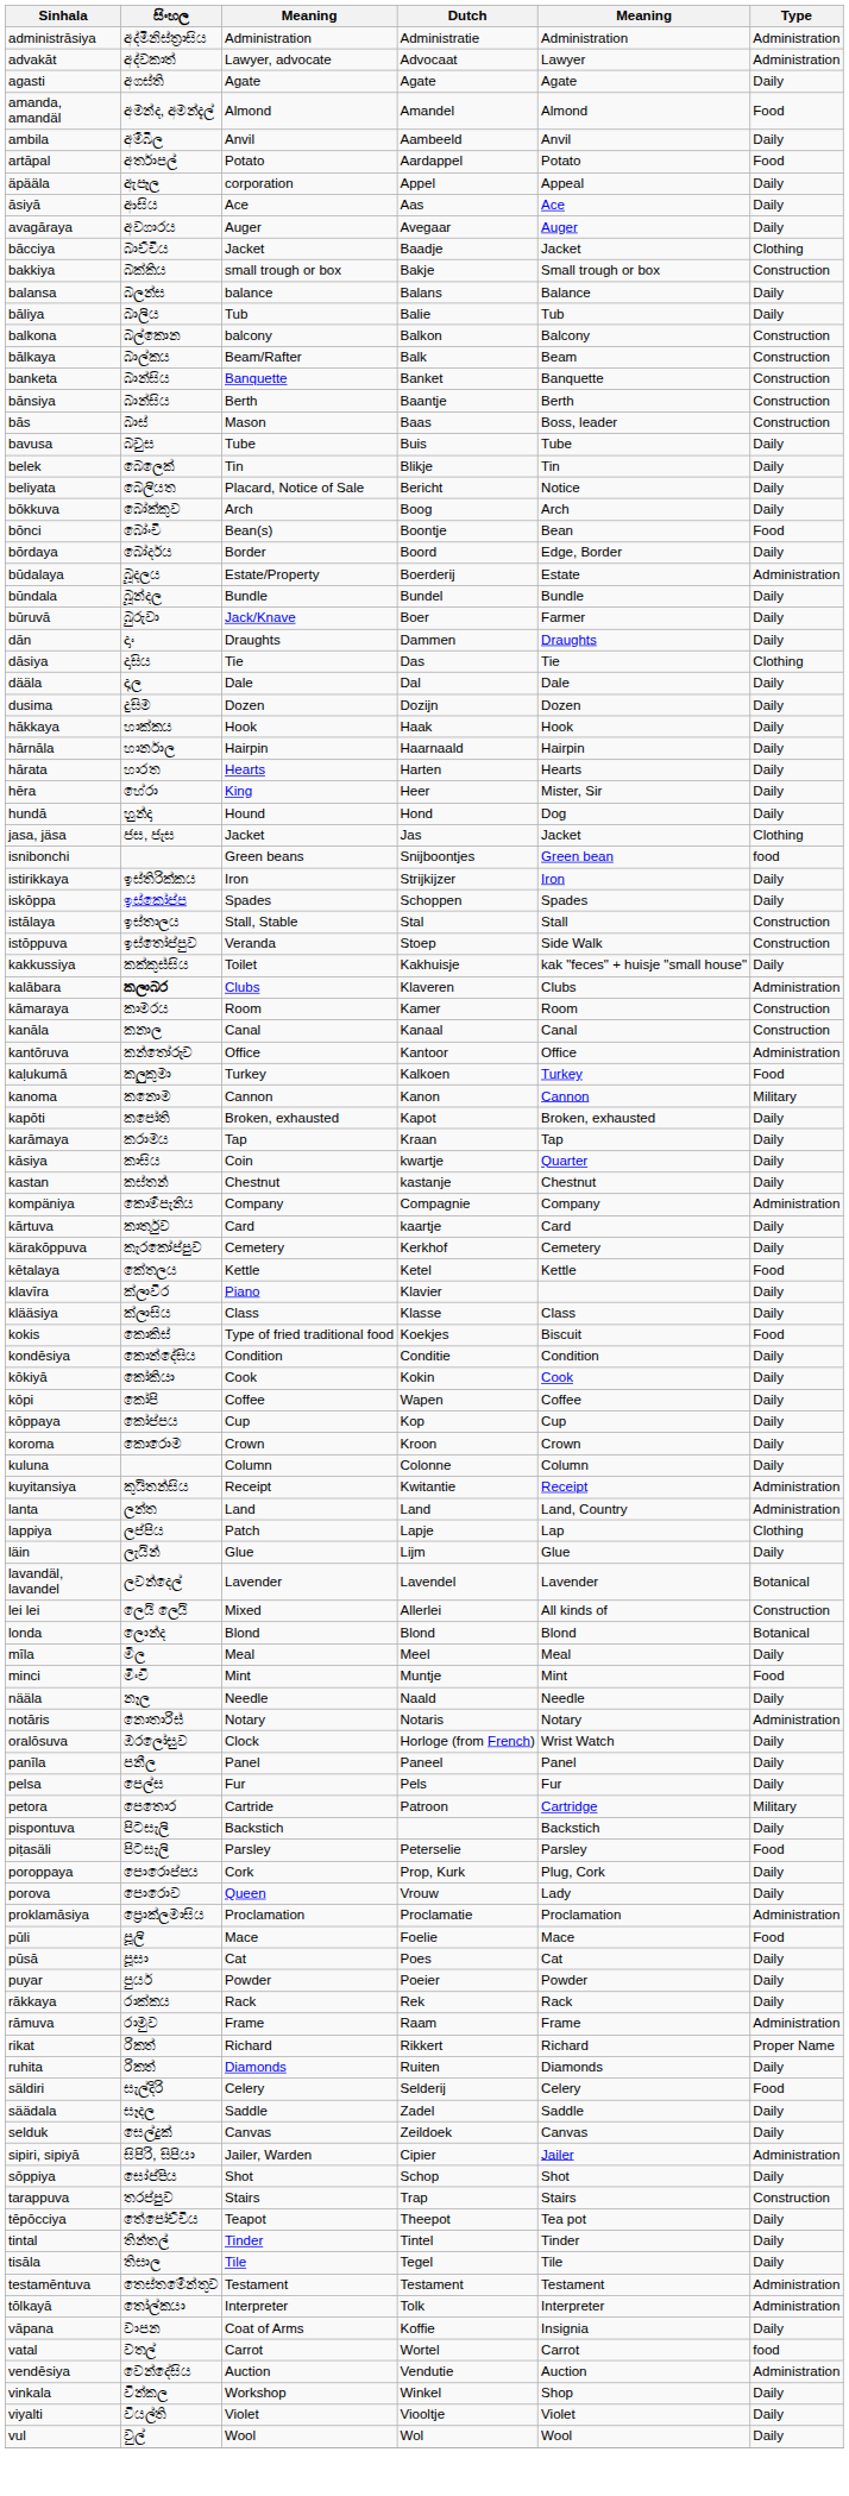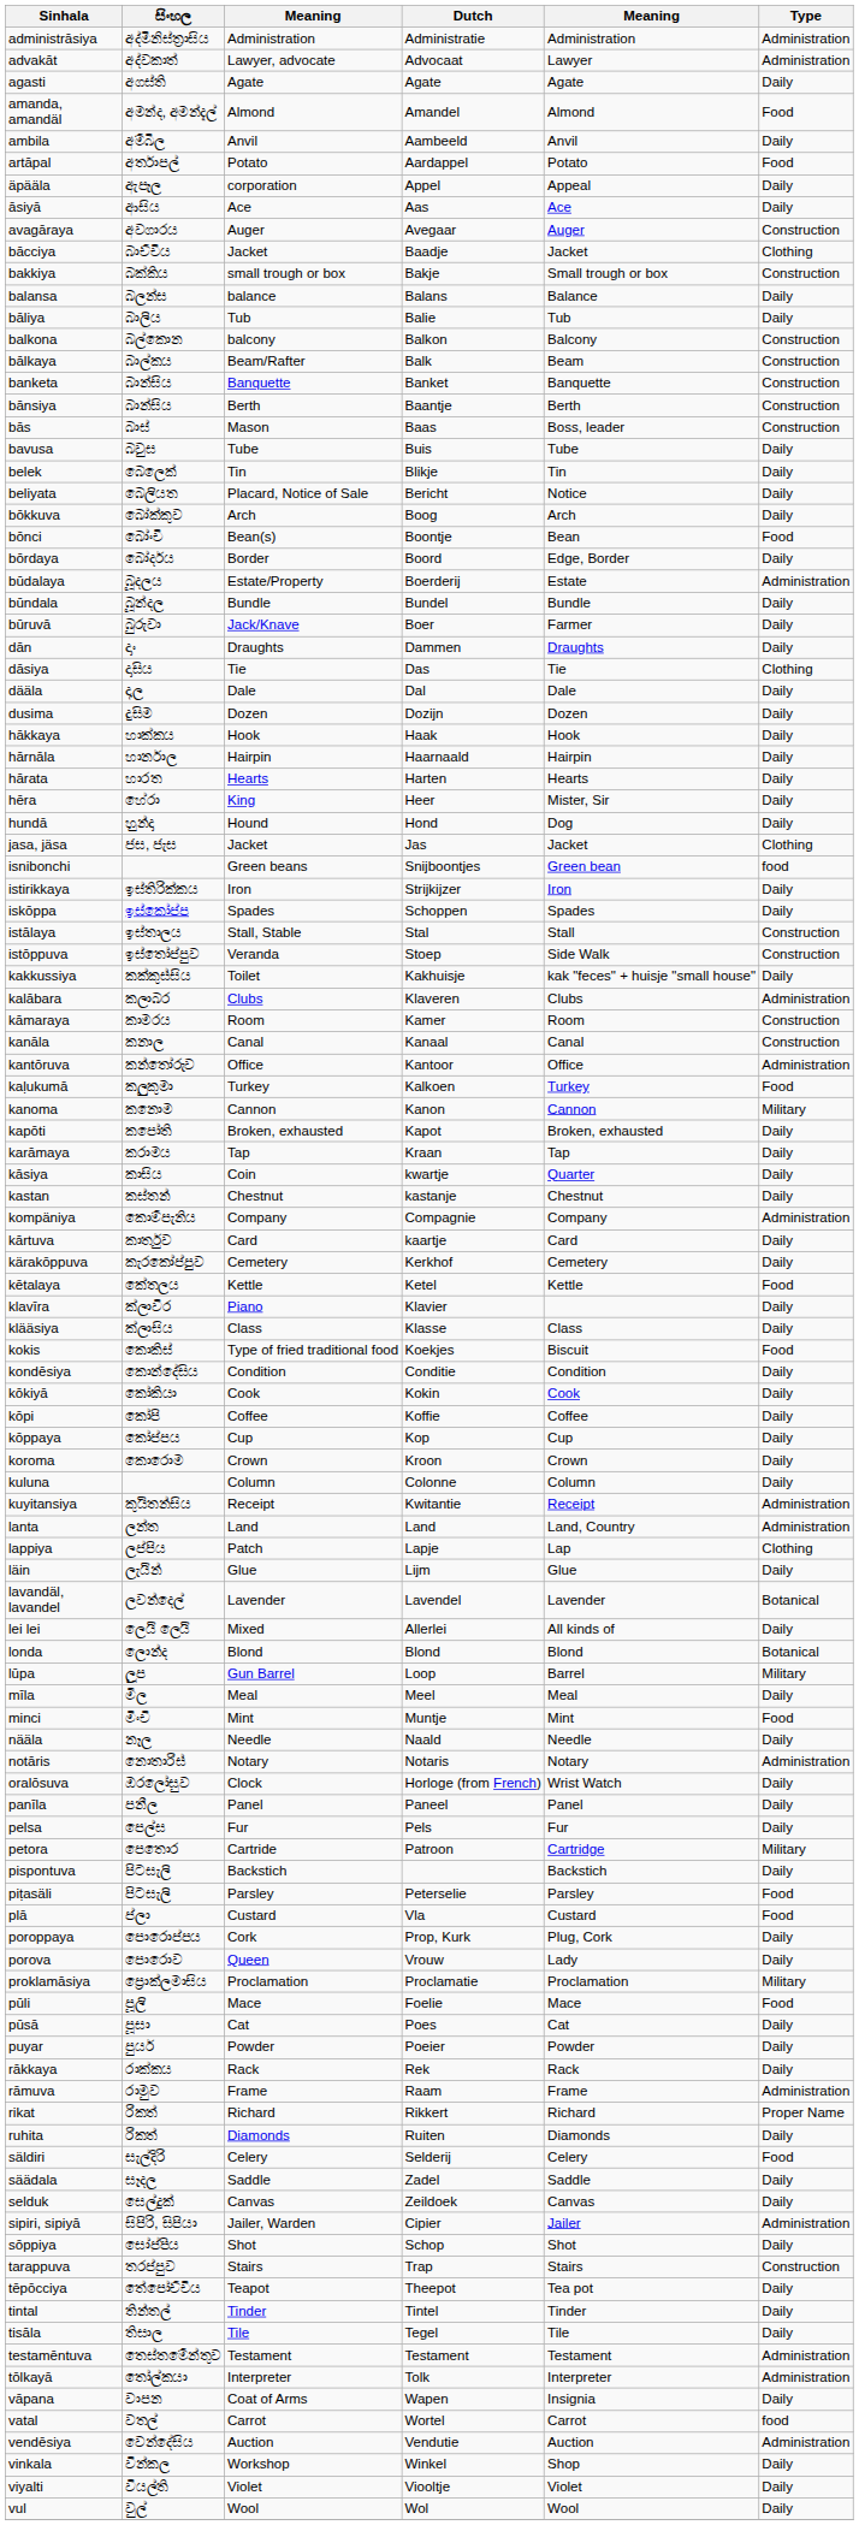 <table class="wikitable">
 <tr>
 <th>Sinhala</th>
 <th>සිංහල</th>
 <th>Meaning</th>
 <th>Dutch</th>
 <th>Meaning</th>
 <th>Type</th>
 </tr>
 <tr>
 <td style="width:08em">administrāsiya</td>
 <td>අද්මිනිස්ත්‍රාසිය</td>
 <td>Administration</td>
 <td>Administratie</td>
 <td>Administration</td>
 <td>Administration</td>
 </tr>
 <tr>
 <td>advakāt</td>
 <td>අද්වකාත්</td>
 <td>Lawyer, advocate</td>
 <td>Advocaat</td>
 <td>Lawyer</td>
 <td>Administration</td>
 </tr>
 <tr>
 <td>agasti</td>
 <td>අගස්ති</td>
 <td>Agate</td>
 <td>Agate</td>
 <td>Agate</td>
 <td>Daily</td>
 </tr>
 <tr>
 <td>amanda, amandäl</td>
 <td>අමන්ද, අමන්දැල්</td>
 <td>Almond</td>
 <td>Amandel</td>
 <td>Almond</td>
 <td>Food</td>
 </tr>
 <tr>
 <td>ambila</td>
 <td>අම්බිල</td>
 <td>Anvil</td>
 <td>Aambeeld</td>
 <td>Anvil</td>
 <td>Daily</td>
 </tr>
 <tr>
 <td>artāpal</td>
 <td>අර්තාපල්</td>
 <td>Potato</td>
 <td>Aardappel</td>
 <td>Potato</td>
 <td>Food</td>
 </tr>
 <tr>
 <td>äpääla</td>
 <td>ඇපෑල</td>
 <td>corporation</td>
 <td>Appel</td>
 <td>Appeal</td>
 <td>Daily</td>
 </tr>
 <tr>
 <td>āsiyā</td>
 <td>ආසිය</td>
 <td>Ace</td>
 <td>Aas</td>
 <td><a href='#'>Ace</a></td>
 <td>Daily</td>
 </tr>
 <tr>
 <td>avagāraya</td>
 <td>අවගාරය</td>
 <td>Auger</td>
 <td>Avegaar</td>
 <td><a href='#'>Auger</a></td>
-<td>Daily</td>
+<td>Construction</td>
 </tr>
 <tr>
 <td>bācciya</td>
 <td>බාච්චිය</td>
 <td>Jacket</td>
 <td>Baadje</td>
 <td>Jacket</td>
 <td>Clothing</td>
 </tr>
 <tr>
 <td>bakkiya</td>
 <td>බක්කිය</td>
 <td>small trough or box</td>
 <td>Bakje</td>
 <td>Small trough or box</td>
 <td>Construction</td>
 </tr>
 <tr>
 <td>balansa</td>
 <td>බලන්ස</td>
 <td>balance</td>
 <td>Balans</td>
 <td>Balance</td>
 <td>Daily</td>
 </tr>
 <tr>
 <td>bāliya</td>
 <td>බාලිය</td>
 <td>Tub</td>
 <td>Balie</td>
 <td>Tub</td>
 <td>Daily</td>
 </tr>
 <tr>
 <td>balkona</td>
 <td>බල්කොන</td>
 <td>balcony</td>
 <td>Balkon</td>
 <td>Balcony</td>
 <td>Construction</td>
 </tr>
 <tr>
 <td>bālkaya</td>
 <td>බාල්කය</td>
 <td>Beam/Rafter</td>
 <td>Balk</td>
 <td>Beam</td>
 <td>Construction</td>
 </tr>
 <tr>
 <td>banketa</td>
 <td>බාන්සිය</td>
 <td><a href='#'>Banquette</a></td>
 <td>Banket</td>
 <td>Banquette</td>
 <td>Construction</td>
 </tr>
 <tr>
 <td>bānsiya</td>
 <td>බාන්සිය</td>
 <td>Berth</td>
 <td>Baantje</td>
 <td>Berth</td>
 <td>Construction</td>
 </tr>
 <tr>
 <td>bās</td>
 <td>බාස්</td>
 <td>Mason</td>
 <td>Baas</td>
 <td>Boss, leader</td>
 <td>Construction</td>
 </tr>
 <tr>
 <td>bavusa</td>
 <td>බවුස</td>
 <td>Tube</td>
 <td>Buis</td>
 <td>Tube</td>
 <td>Daily</td>
 </tr>
 <tr>
 <td>belek</td>
 <td>බෙලෙක්</td>
 <td>Tin</td>
 <td>Blikje</td>
 <td>Tin</td>
 <td>Daily</td>
 </tr>
 <tr>
 <td>beliyata</td>
 <td>බෙලියත</td>
 <td>Placard, Notice of Sale</td>
 <td>Bericht</td>
 <td>Notice</td>
 <td>Daily</td>
 </tr>
 <tr>
 <td>bōkkuva</td>
 <td>බෝක්කුව</td>
 <td>Arch</td>
 <td>Boog</td>
 <td>Arch</td>
 <td>Daily</td>
 </tr>
 <tr>
 <td>bōnci</td>
 <td>බෝංචි</td>
 <td>Bean(s)</td>
 <td>Boontje</td>
 <td>Bean</td>
 <td>Food</td>
 </tr>
 <tr>
 <td>bōrdaya</td>
 <td>බෝර්දය</td>
 <td>Border</td>
 <td>Boord</td>
 <td>Edge, Border</td>
 <td>Daily</td>
 </tr>
 <tr>
 <td>būdalaya</td>
 <td>බූදලය</td>
 <td>Estate/Property</td>
 <td>Boerderij</td>
 <td>Estate</td>
 <td>Administration</td>
 </tr>
 <tr>
 <td>būndala</td>
 <td>බූන්දල</td>
 <td>Bundle</td>
 <td>Bundel</td>
 <td>Bundle</td>
 <td>Daily</td>
 </tr>
 <tr>
 <td>būruvā</td>
 <td>බුරුවා</td>
 <td><a href='#'>Jack/Knave</a></td>
 <td>Boer</td>
 <td>Farmer</td>
 <td>Daily</td>
 </tr>
 <tr>
 <td>dān</td>
 <td>දාං</td>
 <td>Draughts</td>
 <td>Dammen</td>
 <td><a href='#'>Draughts</a></td>
 <td>Daily</td>
 </tr>
 <tr>
 <td>dāsiya</td>
 <td>දාසිය</td>
 <td>Tie</td>
 <td>Das</td>
 <td>Tie</td>
 <td>Clothing</td>
 </tr>
 <tr>
 <td>dääla</td>
 <td>දෑල</td>
 <td>Dale</td>
 <td>Dal</td>
 <td>Dale</td>
 <td>Daily</td>
 </tr>
 <tr>
 <td>dusima</td>
 <td>දුසිම</td>
 <td>Dozen</td>
 <td>Dozijn</td>
 <td>Dozen</td>
 <td>Daily</td>
 </tr>
 <tr>
 <td>hākkaya</td>
 <td>හාක්කය</td>
 <td>Hook</td>
 <td>Haak</td>
 <td>Hook</td>
 <td>Daily</td>
 </tr>
 <tr>
 <td>hārnāla</td>
 <td>හාර්නාල</td>
 <td>Hairpin</td>
 <td>Haarnaald</td>
 <td>Hairpin</td>
 <td>Daily</td>
 </tr>
 <tr>
 <td>hārata</td>
 <td>හාරත</td>
 <td><a href='#'>Hearts</a></td>
 <td>Harten</td>
 <td>Hearts</td>
 <td>Daily</td>
 </tr>
 <tr>
 <td>hēra</td>
 <td>හේරා</td>
 <td><a href='#'>King</a></td>
 <td>Heer</td>
 <td>Mister, Sir</td>
 <td>Daily</td>
 </tr>
 <tr>
 <td>hundā</td>
 <td>හුන්දා</td>
 <td>Hound</td>
 <td>Hond</td>
 <td>Dog</td>
 <td>Daily</td>
 </tr>
 <tr>
 <td>jasa, jäsa</td>
 <td>ජස, ජැස</td>
 <td>Jacket</td>
 <td>Jas</td>
 <td>Jacket</td>
 <td>Clothing</td>
 </tr>
 <tr>
 <td>isnibonchi</td>
 <td></td>
 <td>Green beans</td>
 <td>Snijboontjes</td>
 <td><a href='#'>Green bean</a></td>
 <td>food</td>
 </tr>
 <tr>
 <td>istirikkaya</td>
 <td>ඉස්තිරික්කය</td>
 <td>Iron</td>
 <td>Strijkijzer</td>
 <td><a href='#'>Iron</a></td>
 <td>Daily</td>
 </tr>
 <tr>
 <td>iskōppa</td>
 <td><a href='#'>ඉස්කෝප්ප</a></td>
 <td>Spades</td>
 <td>Schoppen</td>
 <td>Spades</td>
 <td>Daily</td>
 </tr>
 <tr>
 <td>istālaya</td>
 <td>ඉස්තාලය</td>
 <td>Stall, Stable</td>
 <td>Stal</td>
 <td>Stall</td>
 <td>Construction</td>
 </tr>
 <tr>
 <td>istōppuva</td>
 <td>ඉස්තෝප්පුව</td>
 <td>Veranda</td>
 <td>Stoep</td>
 <td>Side Walk</td>
 <td>Construction</td>
 </tr>
 <tr>
 <td>kakkussiya</td>
 <td>කක්කුස්සිය</td>
 <td>Toilet</td>
 <td>Kakhuisje</td>
 <td>kak "feces" + huisje "small house"</td>
 <td>Daily</td>
 </tr>
 <tr>
 <td>kalābara</td>
-<td><strong>කලාබර</strong></td>
+<td>කලාබර</td>
 <td><a href='#'>Clubs</a></td>
 <td>Klaveren</td>
 <td>Clubs</td>
 <td>Administration</td>
 </tr>
 <tr>
 <td>kāmaraya</td>
 <td>කාමරය</td>
 <td>Room</td>
 <td>Kamer</td>
 <td>Room</td>
 <td>Construction</td>
 </tr>
 <tr>
 <td>kanāla</td>
 <td>කනාල</td>
 <td>Canal</td>
 <td>Kanaal</td>
 <td>Canal</td>
 <td>Construction</td>
 </tr>
 <tr>
 <td>kantōruva</td>
 <td>කන්තෝරුව</td>
 <td>Office</td>
 <td>Kantoor</td>
 <td>Office</td>
 <td>Administration</td>
 </tr>
 <tr>
 <td>kaḷukumā</td>
 <td>කලුකුමා</td>
 <td>Turkey</td>
 <td>Kalkoen</td>
 <td><a href='#'>Turkey</a></td>
 <td>Food</td>
 </tr>
 <tr>
 <td>kanoma</td>
 <td>කනොම</td>
 <td>Cannon</td>
 <td>Kanon</td>
 <td><a href='#'>Cannon</a></td>
 <td>Military</td>
 </tr>
 <tr>
 <td>kapōti</td>
 <td>කපෝති</td>
 <td>Broken, exhausted</td>
 <td>Kapot</td>
 <td>Broken, exhausted</td>
 <td>Daily</td>
 </tr>
 <tr>
 <td>karāmaya</td>
 <td>කරාමය</td>
 <td>Tap</td>
 <td>Kraan</td>
 <td>Tap</td>
 <td>Daily</td>
 </tr>
 <tr>
 <td>kāsiya</td>
 <td>කාසිය</td>
 <td>Coin</td>
 <td>kwartje</td>
 <td><a href='#'>Quarter</a></td>
 <td>Daily</td>
 </tr>
 <tr>
 <td>kastan</td>
 <td>කස්තන්</td>
 <td>Chestnut</td>
 <td>kastanje</td>
 <td>Chestnut</td>
 <td>Daily</td>
 </tr>
 <tr>
 <td>kompäniya</td>
 <td>කොම්පැනිය</td>
 <td>Company</td>
 <td>Compagnie</td>
 <td>Company</td>
 <td>Administration</td>
 </tr>
 <tr>
 <td>kārtuva</td>
 <td>කාර්තුව</td>
 <td>Card</td>
 <td>kaartje</td>
 <td>Card</td>
 <td>Daily</td>
 </tr>
 <tr>
 <td>kärakōppuva</td>
 <td>කැරකෝප්පුව</td>
 <td>Cemetery</td>
 <td>Kerkhof</td>
 <td>Cemetery</td>
 <td>Daily</td>
 </tr>
 <tr>
 <td>kētalaya</td>
 <td>කේතලය</td>
 <td>Kettle</td>
 <td>Ketel</td>
 <td>Kettle</td>
 <td>Food</td>
 </tr>
 <tr>
 <td>klavīra</td>
 <td>ක්ලාවිර</td>
 <td><a href='#'>Piano</a></td>
 <td>Klavier</td>
 <td></td>
 <td>Daily</td>
 </tr>
 <tr>
 <td>klääsiya</td>
 <td>ක්ලාසිය</td>
 <td>Class</td>
 <td>Klasse</td>
 <td>Class</td>
 <td>Daily</td>
 </tr>
 <tr>
 <td>kokis</td>
 <td>කොකිස්</td>
 <td>Type of fried traditional food</td>
 <td>Koekjes</td>
 <td>Biscuit</td>
 <td>Food</td>
 </tr>
 <tr>
 <td>kondēsiya</td>
 <td>කොන්දේසිය</td>
 <td>Condition</td>
 <td>Conditie</td>
 <td>Condition</td>
 <td>Daily</td>
 </tr>
 <tr>
 <td>kōkiyā</td>
 <td>කෝකියා</td>
 <td>Cook</td>
 <td>Kokin</td>
 <td><a href='#'>Cook</a></td>
 <td>Daily</td>
 </tr>
 <tr>
 <td>kōpi</td>
 <td>කෝපි</td>
 <td>Coffee</td>
-<td>Wapen</td>
+<td>Koffie</td>
 <td>Coffee</td>
 <td>Daily</td>
 </tr>
 <tr>
 <td>kōppaya</td>
 <td>කෝප්පය</td>
 <td>Cup</td>
 <td>Kop</td>
 <td>Cup</td>
 <td>Daily</td>
 </tr>
 <tr>
 <td>koroma</td>
 <td>කොරොම</td>
 <td>Crown</td>
 <td>Kroon</td>
 <td>Crown</td>
 <td>Daily</td>
 </tr>
 <tr>
 <td>kuluna</td>
 <td></td>
 <td>Column</td>
 <td>Colonne</td>
 <td>Column</td>
 <td>Daily</td>
 </tr>
 <tr>
 <td>kuyitansiya</td>
 <td>කුයිතන්සිය</td>
 <td>Receipt</td>
 <td>Kwitantie</td>
 <td><a href='#'>Receipt</a></td>
 <td>Administration</td>
 </tr>
 <tr>
 <td>lanta</td>
 <td>ලන්ත</td>
 <td>Land</td>
 <td>Land</td>
 <td>Land, Country</td>
 <td>Administration</td>
 </tr>
 <tr>
 <td>lappiya</td>
 <td>ලප්පිය</td>
 <td>Patch</td>
 <td>Lapje</td>
 <td>Lap</td>
 <td>Clothing</td>
 </tr>
 <tr>
 <td>läin</td>
 <td>ලැයින්</td>
 <td>Glue</td>
 <td>Lijm</td>
 <td>Glue</td>
 <td>Daily</td>
 </tr>
 <tr>
 <td>lavandäl, lavandel</td>
 <td>ලවන්දෙල්</td>
 <td>Lavender</td>
 <td>Lavendel</td>
 <td>Lavender</td>
 <td>Botanical</td>
 </tr>
 <tr>
 <td>lei lei</td>
 <td>ලෙයි ලෙයි</td>
 <td>Mixed</td>
 <td>Allerlei</td>
 <td>All kinds of</td>
-<td>Construction</td>
+<td>Daily</td>
 </tr>
 <tr>
 <td>londa</td>
 <td>ලොන්ද</td>
 <td>Blond</td>
 <td>Blond</td>
 <td>Blond</td>
 <td>Botanical</td>
+</tr>
+<tr>
+<td>lūpa</td>
+<td>ලූප</td>
+<td><a href='#'>Gun Barrel</a></td>
+<td>Loop</td>
+<td>Barrel</td>
+<td>Military</td>
 </tr>
 <tr>
 <td>mīla</td>
 <td>මීල</td>
 <td>Meal</td>
 <td>Meel</td>
 <td>Meal</td>
 <td>Daily</td>
 </tr>
 <tr>
 <td>minci</td>
 <td>මිංචි</td>
 <td>Mint</td>
 <td>Muntje</td>
 <td>Mint</td>
 <td>Food</td>
 </tr>
 <tr>
 <td>nääla</td>
 <td>නෑල</td>
 <td>Needle</td>
 <td>Naald</td>
 <td>Needle</td>
 <td>Daily</td>
 </tr>
 <tr>
 <td>notāris</td>
 <td>නොතාරිස්</td>
 <td>Notary</td>
 <td>Notaris</td>
 <td>Notary</td>
 <td>Administration</td>
 </tr>
 <tr>
 <td>oralōsuva</td>
 <td>ඔරලෝසුව</td>
 <td>Clock</td>
 <td>Horloge (from <a href='#'>French</a>)</td>
 <td>Wrist Watch</td>
 <td>Daily</td>
 </tr>
 <tr>
 <td>panīla</td>
 <td>පනීල</td>
 <td>Panel</td>
 <td>Paneel</td>
 <td>Panel</td>
 <td>Daily</td>
 </tr>
 <tr>
 <td>pelsa</td>
 <td>පෙල්ස</td>
 <td>Fur</td>
 <td>Pels</td>
 <td>Fur</td>
 <td>Daily</td>
 </tr>
 <tr>
 <td>petora</td>
 <td>පෙතොර</td>
 <td>Cartride</td>
 <td>Patroon</td>
 <td><a href='#'>Cartridge</a></td>
 <td>Military</td>
 </tr>
 <tr>
 <td>pispontuva</td>
 <td>පිටසැලි</td>
 <td>Backstich</td>
 <td></td>
 <td>Backstich</td>
 <td>Daily</td>
 </tr>
 <tr>
 <td>piṭasäli</td>
 <td>පිටසැලි</td>
 <td>Parsley</td>
 <td>Peterselie</td>
 <td>Parsley</td>
 <td>Food</td>
 </tr>
 <tr>
+<td>plā</td>
+<td>ප්ලා</td>
+<td>Custard</td>
+<td>Vla</td>
+<td>Custard</td>
+<td>Food</td>
+</tr>
+<tr>
 <td>poroppaya</td>
 <td>පොරොප්පය</td>
 <td>Cork</td>
 <td>Prop, Kurk</td>
 <td>Plug, Cork</td>
 <td>Daily</td>
 </tr>
 <tr>
 <td>porova</td>
 <td>පොරොව</td>
 <td><a href='#'>Queen</a></td>
 <td>Vrouw</td>
 <td>Lady</td>
 <td>Daily</td>
 </tr>
 <tr>
 <td>proklamāsiya</td>
 <td>ප්‍රොක්ලමාසිය</td>
 <td>Proclamation</td>
 <td>Proclamatie</td>
 <td>Proclamation</td>
-<td>Administration</td>
+<td>Military</td>
 </tr>
 <tr>
 <td>pūli</td>
 <td>පූලි</td>
 <td>Mace</td>
 <td>Foelie</td>
 <td>Mace</td>
 <td>Food</td>
 </tr>
 <tr>
 <td>pūsā</td>
 <td>පූසා</td>
 <td>Cat</td>
 <td>Poes</td>
 <td>Cat</td>
 <td>Daily</td>
 </tr>
 <tr>
 <td>puyar</td>
 <td>පුයර්</td>
 <td>Powder</td>
 <td>Poeier</td>
 <td>Powder</td>
 <td>Daily</td>
 </tr>
 <tr>
 <td>rākkaya</td>
 <td>රාක්කය</td>
 <td>Rack</td>
 <td>Rek</td>
 <td>Rack</td>
 <td>Daily</td>
 </tr>
 <tr>
 <td>rāmuva</td>
 <td>රාමුව</td>
 <td>Frame</td>
 <td>Raam</td>
 <td>Frame</td>
 <td>Administration</td>
 </tr>
 <tr>
 <td>rikat</td>
 <td>රිකත්</td>
 <td>Richard</td>
 <td>Rikkert</td>
 <td>Richard</td>
 <td>Proper Name</td>
 </tr>
 <tr>
 <td>ruhita</td>
 <td>රිකත්</td>
 <td><a href='#'>Diamonds</a></td>
 <td>Ruiten</td>
 <td>Diamonds</td>
 <td>Daily</td>
 </tr>
 <tr>
 <td>säldiri</td>
 <td>සැල්දිරි</td>
 <td>Celery</td>
 <td>Selderij</td>
 <td>Celery</td>
 <td>Food</td>
 </tr>
 <tr>
 <td>säädala</td>
 <td>සෑදල</td>
 <td>Saddle</td>
 <td>Zadel</td>
 <td>Saddle</td>
 <td>Daily</td>
 </tr>
 <tr>
 <td>selduk</td>
 <td>සෙල්දුක්</td>
 <td>Canvas</td>
 <td>Zeildoek</td>
 <td>Canvas</td>
 <td>Daily</td>
 </tr>
 <tr>
 <td>sipiri, sipiyā</td>
 <td>සිපිරි, සිපියා</td>
 <td>Jailer, Warden</td>
 <td>Cipier</td>
 <td><a href='#'>Jailer</a></td>
 <td>Administration</td>
 </tr>
 <tr>
 <td>sōppiya</td>
 <td>සෝප්පිය</td>
 <td>Shot</td>
 <td>Schop</td>
 <td>Shot</td>
 <td>Daily</td>
 </tr>
 <tr>
 <td>tarappuva</td>
 <td>තරප්පුව</td>
 <td>Stairs</td>
 <td>Trap</td>
 <td>Stairs</td>
 <td>Construction</td>
 </tr>
 <tr>
 <td>tēpōcciya</td>
 <td>තේපෝච්චිය</td>
 <td>Teapot</td>
 <td>Theepot</td>
 <td>Tea pot</td>
 <td>Daily</td>
 </tr>
 <tr>
 <td>tintal</td>
 <td>තින්තල්</td>
 <td><a href='#'>Tinder</a></td>
 <td>Tintel</td>
 <td>Tinder</td>
 <td>Daily</td>
 </tr>
 <tr>
 <td>tisāla</td>
 <td>තිසාල</td>
 <td><a href='#'>Tile</a></td>
 <td>Tegel</td>
 <td>Tile</td>
 <td>Daily</td>
 </tr>
 <tr>
 <td>testamēntuva</td>
 <td>තෙස්තමේන්තුව</td>
 <td>Testament</td>
 <td>Testament</td>
 <td>Testament</td>
 <td>Administration</td>
 </tr>
 <tr>
 <td>tōlkayā</td>
 <td>තෝල්කයා</td>
 <td>Interpreter</td>
 <td>Tolk</td>
 <td>Interpreter</td>
 <td>Administration</td>
 </tr>
 <tr>
 <td>vāpana</td>
 <td>වාපන</td>
 <td>Coat of Arms</td>
-<td>Koffie</td>
+<td>Wapen</td>
 <td>Insignia</td>
 <td>Daily</td>
 </tr>
 <tr>
 <td>vatal</td>
 <td>වතල්</td>
 <td>Carrot</td>
 <td>Wortel</td>
 <td>Carrot</td>
 <td>food</td>
 </tr>
 <tr>
 <td>vendēsiya</td>
 <td>වෙන්දේසිය</td>
 <td>Auction</td>
 <td>Vendutie</td>
 <td>Auction</td>
 <td>Administration</td>
 </tr>
 <tr>
 <td>vinkala</td>
 <td>වින්කල</td>
 <td>Workshop</td>
 <td>Winkel</td>
 <td>Shop</td>
 <td>Daily</td>
 </tr>
 <tr>
 <td>viyalti</td>
 <td>වියල්ති</td>
 <td>Violet</td>
 <td>Viooltje</td>
 <td>Violet</td>
 <td>Daily</td>
 </tr>
 <tr>
 <td>vul</td>
 <td>වුල්</td>
 <td>Wool</td>
 <td>Wol</td>
 <td>Wool</td>
 <td>Daily</td>
 </tr>
 <tr>
 </tr>
 </table>
